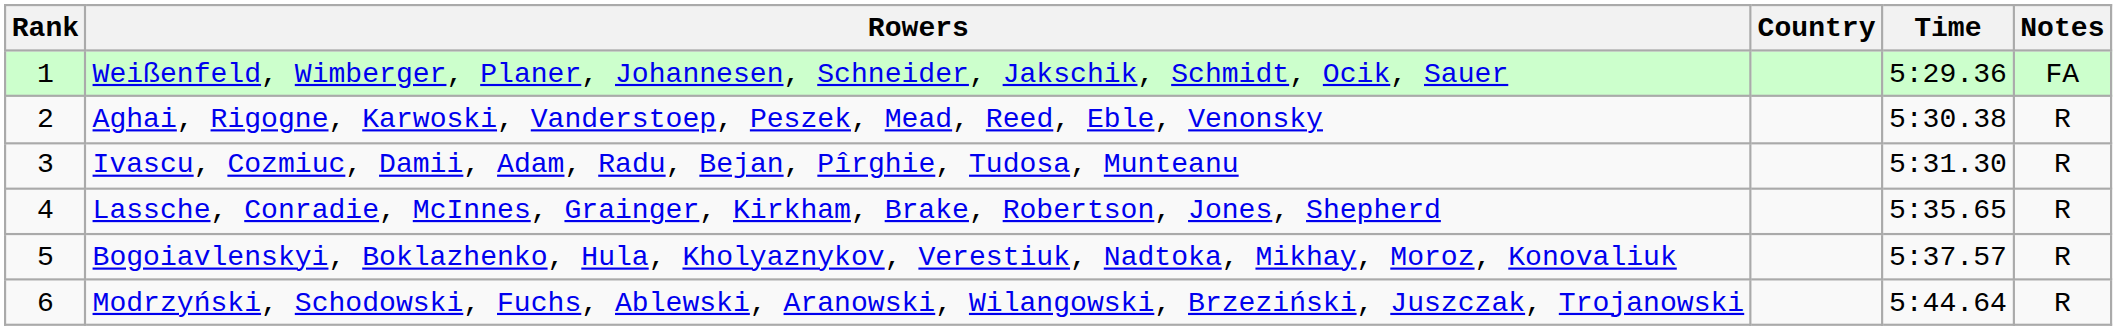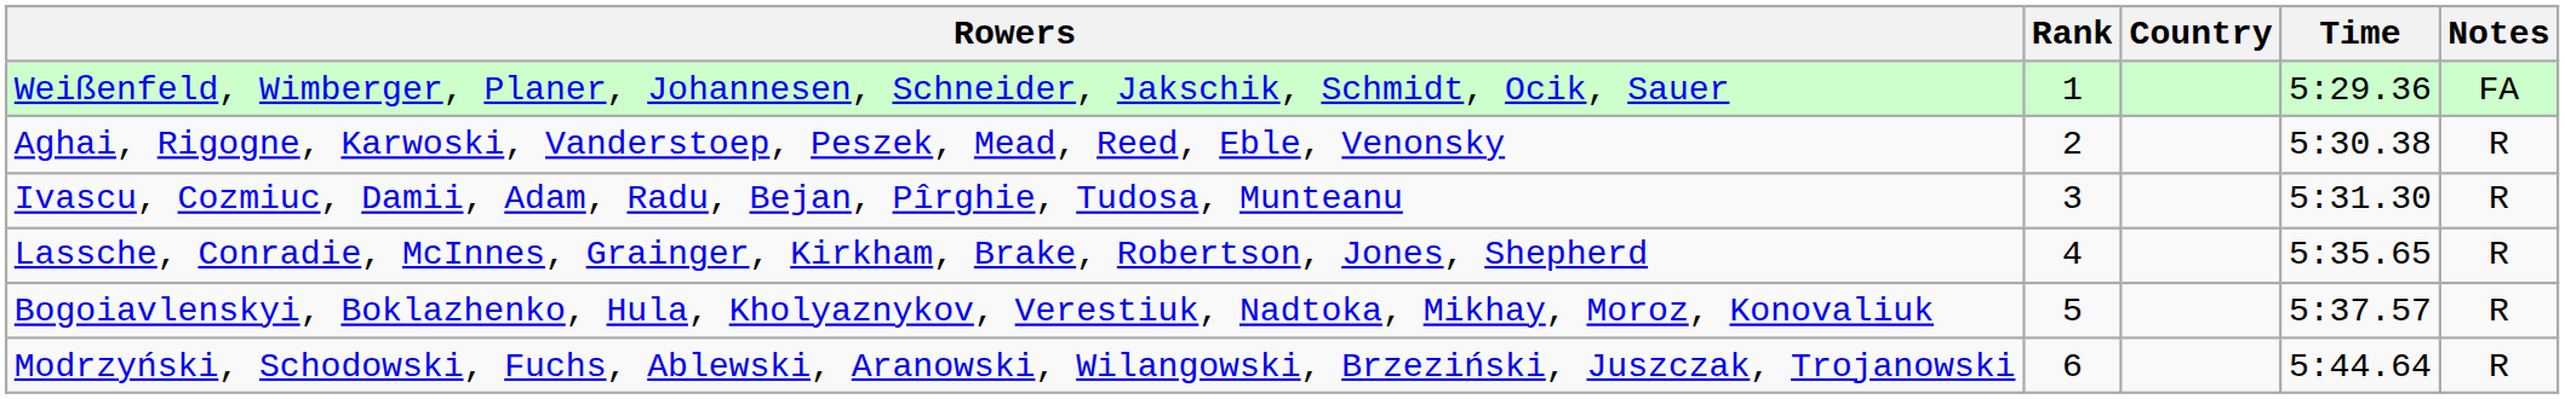 <table class="wikitable" style="text-align:center">
 <tr>
+<th>Rowers</th>
 <th>Rank</th>
-<th>Rowers</th>
 <th>Country</th>
 <th>Time</th>
 <th>Notes</th>
 </tr>
 <tr bgcolor=ccffcc>
+<td align="left"><a href='#'>Weißenfeld</a>, <a href='#'>Wimberger</a>, <a href='#'>Planer</a>, <a href='#'>Johannesen</a>, <a href='#'>Schneider</a>, <a href='#'>Jakschik</a>, <a href='#'>Schmidt</a>, <a href='#'>Ocik</a>, <a href='#'>Sauer</a></td>
 <td>1</td>
-<td align="left"><a href='#'>Weißenfeld</a>, <a href='#'>Wimberger</a>, <a href='#'>Planer</a>, <a href='#'>Johannesen</a>, <a href='#'>Schneider</a>, <a href='#'>Jakschik</a>, <a href='#'>Schmidt</a>, <a href='#'>Ocik</a>, <a href='#'>Sauer</a></td>
 <td align="left"></td>
 <td>5:29.36</td>
 <td>FA</td>
 </tr>
 <tr>
+<td align="left"><a href='#'>Aghai</a>, <a href='#'>Rigogne</a>, <a href='#'>Karwoski</a>, <a href='#'>Vanderstoep</a>, <a href='#'>Peszek</a>, <a href='#'>Mead</a>, <a href='#'>Reed</a>, <a href='#'>Eble</a>, <a href='#'>Venonsky</a></td>
 <td>2</td>
-<td align="left"><a href='#'>Aghai</a>, <a href='#'>Rigogne</a>, <a href='#'>Karwoski</a>, <a href='#'>Vanderstoep</a>, <a href='#'>Peszek</a>, <a href='#'>Mead</a>, <a href='#'>Reed</a>, <a href='#'>Eble</a>, <a href='#'>Venonsky</a></td>
 <td align="left"></td>
 <td>5:30.38</td>
 <td>R</td>
 </tr>
 <tr>
+<td align="left"><a href='#'>Ivascu</a>, <a href='#'>Cozmiuc</a>, <a href='#'>Damii</a>, <a href='#'>Adam</a>, <a href='#'>Radu</a>, <a href='#'>Bejan</a>, <a href='#'>Pîrghie</a>, <a href='#'>Tudosa</a>, <a href='#'>Munteanu</a></td>
 <td>3</td>
-<td align="left"><a href='#'>Ivascu</a>, <a href='#'>Cozmiuc</a>, <a href='#'>Damii</a>, <a href='#'>Adam</a>, <a href='#'>Radu</a>, <a href='#'>Bejan</a>, <a href='#'>Pîrghie</a>, <a href='#'>Tudosa</a>, <a href='#'>Munteanu</a></td>
 <td align="left"></td>
 <td>5:31.30</td>
 <td>R</td>
 </tr>
 <tr>
+<td align="left"><a href='#'>Lassche</a>, <a href='#'>Conradie</a>, <a href='#'>McInnes</a>, <a href='#'>Grainger</a>, <a href='#'>Kirkham</a>, <a href='#'>Brake</a>, <a href='#'>Robertson</a>, <a href='#'>Jones</a>, <a href='#'>Shepherd</a></td>
 <td>4</td>
-<td align="left"><a href='#'>Lassche</a>, <a href='#'>Conradie</a>, <a href='#'>McInnes</a>, <a href='#'>Grainger</a>, <a href='#'>Kirkham</a>, <a href='#'>Brake</a>, <a href='#'>Robertson</a>, <a href='#'>Jones</a>, <a href='#'>Shepherd</a></td>
 <td align="left"></td>
 <td>5:35.65</td>
 <td>R</td>
 </tr>
 <tr>
+<td align="left"><a href='#'>Bogoiavlenskyi</a>, <a href='#'>Boklazhenko</a>, <a href='#'>Hula</a>, <a href='#'>Kholyaznykov</a>, <a href='#'>Verestiuk</a>, <a href='#'>Nadtoka</a>, <a href='#'>Mikhay</a>, <a href='#'>Moroz</a>, <a href='#'>Konovaliuk</a></td>
 <td>5</td>
-<td align="left"><a href='#'>Bogoiavlenskyi</a>, <a href='#'>Boklazhenko</a>, <a href='#'>Hula</a>, <a href='#'>Kholyaznykov</a>, <a href='#'>Verestiuk</a>, <a href='#'>Nadtoka</a>, <a href='#'>Mikhay</a>, <a href='#'>Moroz</a>, <a href='#'>Konovaliuk</a></td>
 <td align="left"></td>
 <td>5:37.57</td>
 <td>R</td>
 </tr>
 <tr>
+<td align="left"><a href='#'>Modrzyński</a>, <a href='#'>Schodowski</a>, <a href='#'>Fuchs</a>, <a href='#'>Ablewski</a>, <a href='#'>Aranowski</a>, <a href='#'>Wilangowski</a>, <a href='#'>Brzeziński</a>, <a href='#'>Juszczak</a>, <a href='#'>Trojanowski</a></td>
 <td>6</td>
-<td align="left"><a href='#'>Modrzyński</a>, <a href='#'>Schodowski</a>, <a href='#'>Fuchs</a>, <a href='#'>Ablewski</a>, <a href='#'>Aranowski</a>, <a href='#'>Wilangowski</a>, <a href='#'>Brzeziński</a>, <a href='#'>Juszczak</a>, <a href='#'>Trojanowski</a></td>
 <td align="left"></td>
 <td>5:44.64</td>
 <td>R</td>
 </tr>
 </table>
